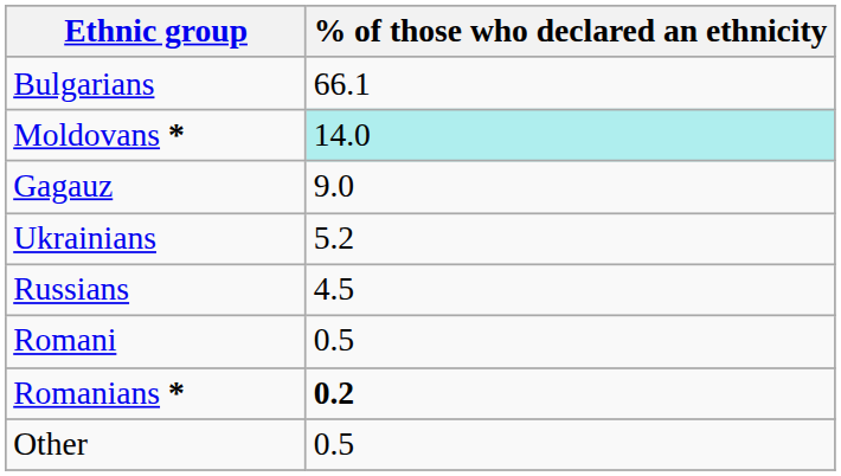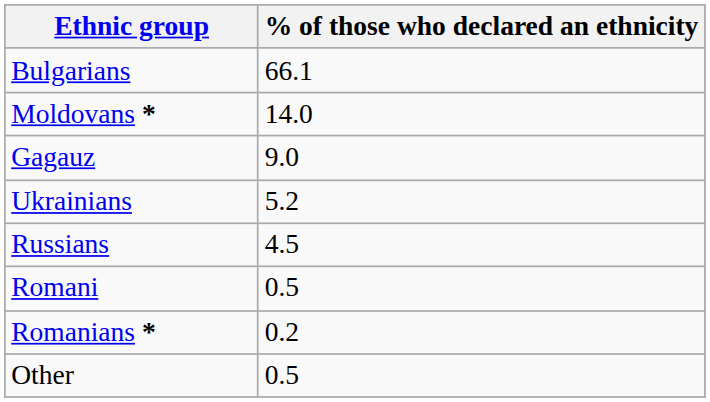 <table class="wikitable sortable">
 <tr>
 <th style="width:140px;"><a href='#'>Ethnic group</a></th>
 <th>% of those who declared an ethnicity</th>
 </tr>
 <tr>
 <td><a href='#'>Bulgarians</a></td>
 <td>66.1</td>
 </tr>
 <tr>
 <td><a href='#'>Moldovans</a> <strong>*</strong></td>
-<td style="background: paleturquoise;">14.0</td>
+<td>14.0</td>
 </tr>
 <tr>
 <td><a href='#'>Gagauz</a></td>
 <td>9.0</td>
 </tr>
 <tr>
 <td><a href='#'>Ukrainians</a></td>
 <td>5.2</td>
 </tr>
 <tr>
 <td><a href='#'>Russians</a></td>
 <td>4.5</td>
 </tr>
 <tr>
 <td><a href='#'>Romani</a></td>
 <td>0.5</td>
 </tr>
 <tr>
 <td><a href='#'>Romanians</a> <strong>*</strong></td>
-<td><strong>0.2</strong></td>
+<td>0.2</td>
 </tr>
 <tr>
 <td>Other</td>
 <td>0.5</td>
 </tr>
 </table>
